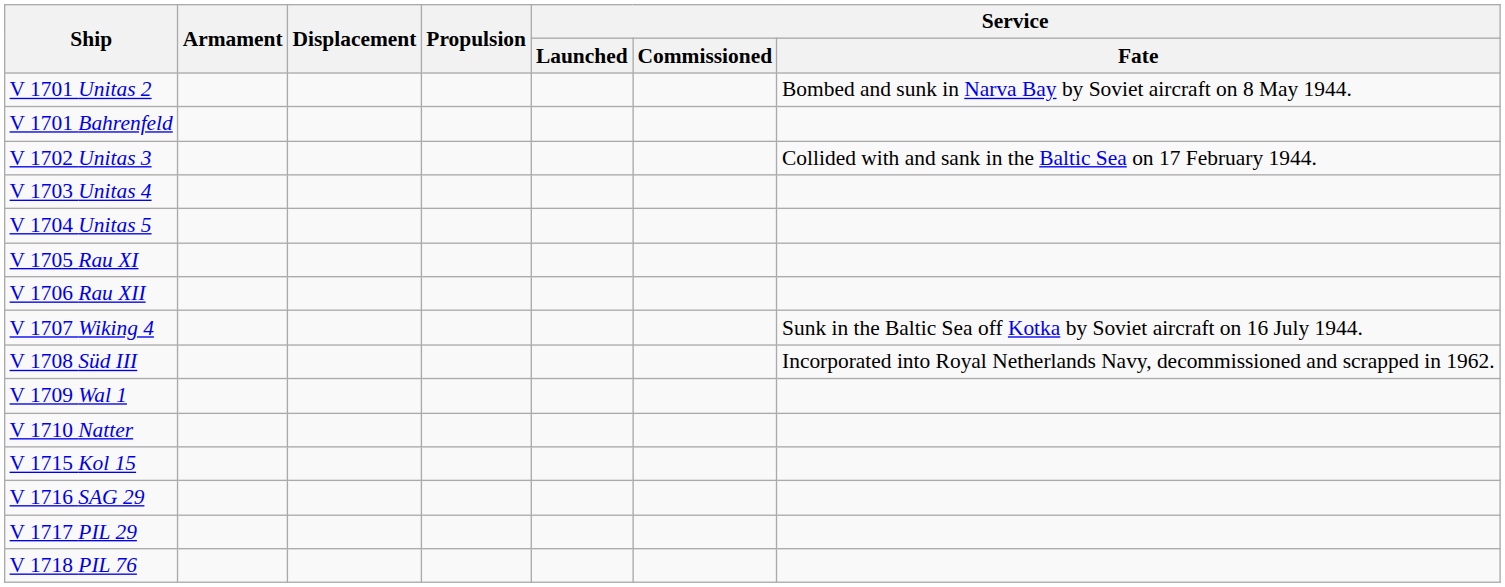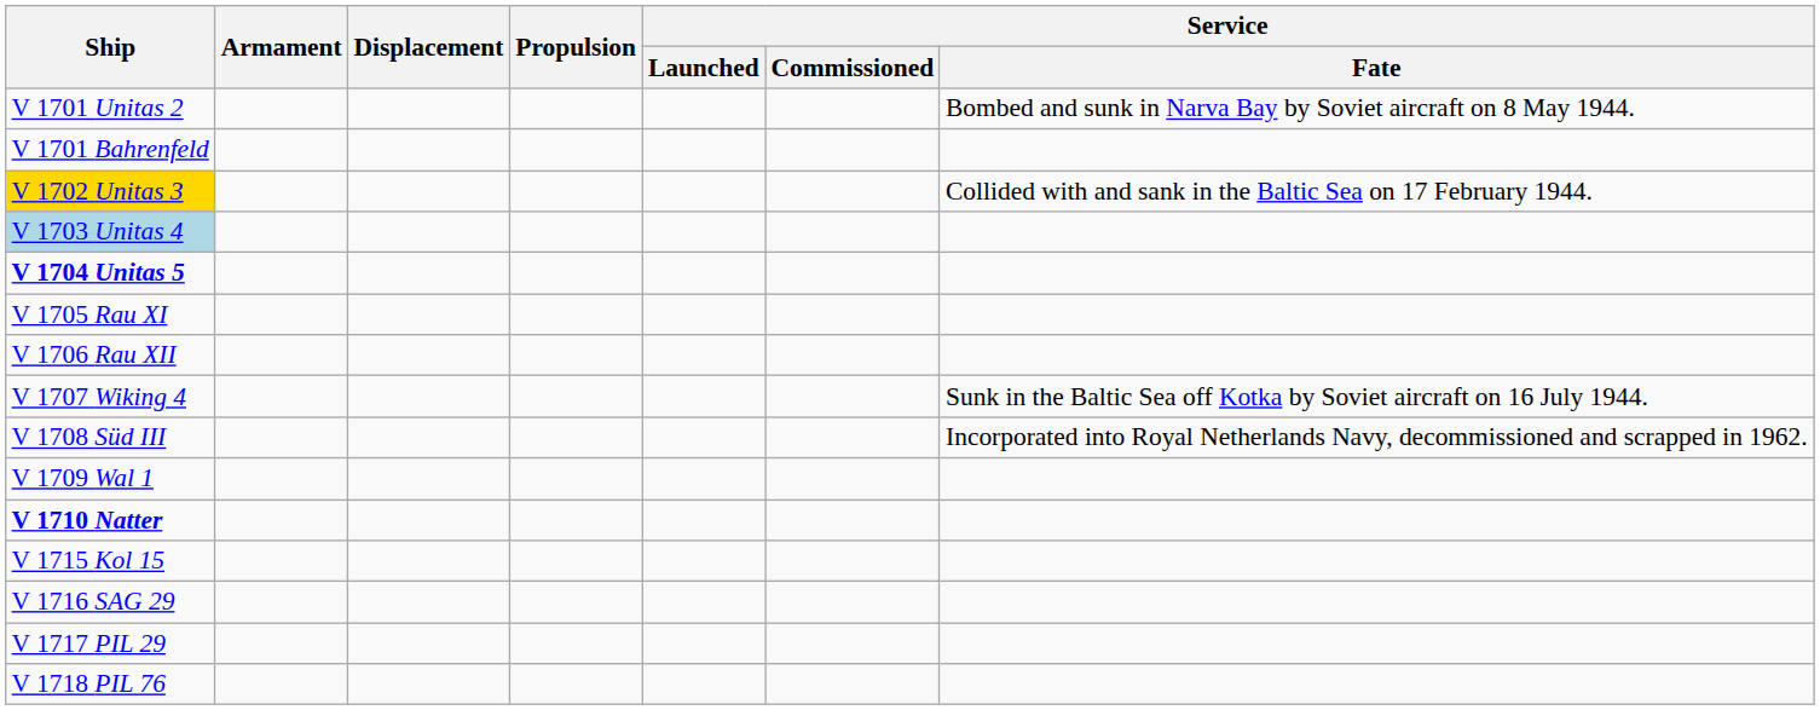 <table class="wikitable">
 <tr>
 <th rowspan="2">Ship</th>
 <th rowspan="2">Armament</th>
 <th rowspan="2">Displacement</th>
 <th rowspan="2">Propulsion</th>
 <th colspan="3">Service</th>
 </tr>
 <tr>
 <th>Launched</th>
 <th>Commissioned</th>
 <th>Fate</th>
 </tr>
 <tr>
 <td><a href='#'>V 1701 <em>Unitas 2</em></a></td>
 <td></td>
 <td></td>
 <td></td>
 <td></td>
 <td></td>
 <td>Bombed and sunk in <a href='#'>Narva Bay</a> by Soviet aircraft on 8 May 1944.</td>
 </tr>
 <tr>
 <td><a href='#'>V 1701 <em>Bahrenfeld</em></a></td>
 <td></td>
 <td></td>
 <td></td>
 <td></td>
 <td></td>
 <td></td>
 </tr>
 <tr>
-<td><a href='#'>V 1702 <em>Unitas 3</em></a></td>
+<td style="background: gold;"><a href='#'>V 1702 <em>Unitas 3</em></a></td>
 <td></td>
 <td></td>
 <td></td>
 <td></td>
 <td></td>
 <td>Collided with  and sank in the <a href='#'>Baltic Sea</a> on 17 February 1944.</td>
 </tr>
 <tr>
-<td><a href='#'>V 1703 <em>Unitas 4</em></a></td>
+<td style="background: lightblue;"><a href='#'>V 1703 <em>Unitas 4</em></a></td>
 <td></td>
 <td></td>
 <td></td>
 <td></td>
 <td></td>
 <td></td>
 </tr>
 <tr>
-<td><a href='#'>V 1704 <em>Unitas 5</em></a></td>
+<td><strong><a href='#'>V 1704 <em>Unitas 5</em></a></strong></td>
 <td></td>
 <td></td>
 <td></td>
 <td></td>
 <td></td>
 <td></td>
 </tr>
 <tr>
 <td><a href='#'>V 1705 <em>Rau XI</em></a></td>
 <td></td>
 <td></td>
 <td></td>
 <td></td>
 <td></td>
 <td></td>
 </tr>
 <tr>
 <td><a href='#'>V 1706 <em>Rau XII</em></a></td>
 <td></td>
 <td></td>
 <td></td>
 <td></td>
 <td></td>
 <td></td>
 </tr>
 <tr>
 <td><a href='#'>V 1707 <em>Wiking 4</em></a></td>
 <td></td>
 <td></td>
 <td></td>
 <td></td>
 <td></td>
 <td>Sunk in the Baltic Sea off <a href='#'>Kotka</a> by Soviet aircraft on 16 July 1944.</td>
 </tr>
 <tr>
 <td><a href='#'>V 1708 <em>Süd III</em></a></td>
 <td></td>
 <td></td>
 <td></td>
 <td></td>
 <td></td>
 <td>Incorporated into Royal Netherlands Navy, decommissioned and scrapped in 1962.</td>
 </tr>
 <tr>
 <td><a href='#'>V 1709 <em>Wal 1</em></a></td>
 <td></td>
 <td></td>
 <td></td>
 <td></td>
 <td></td>
 <td></td>
 </tr>
 <tr>
-<td><a href='#'>V 1710 <em>Natter</em></a></td>
+<td><strong><a href='#'>V 1710 <em>Natter</em></a></strong></td>
 <td></td>
 <td></td>
 <td></td>
 <td></td>
 <td></td>
 <td></td>
 </tr>
 <tr>
 <td><a href='#'>V 1715 <em>Kol 15</em></a></td>
 <td></td>
 <td></td>
 <td></td>
 <td></td>
 <td></td>
 <td></td>
 </tr>
 <tr>
 <td><a href='#'>V 1716 <em>SAG 29</em></a></td>
 <td></td>
 <td></td>
 <td></td>
 <td></td>
 <td></td>
 <td></td>
 </tr>
 <tr>
 <td><a href='#'>V 1717 <em>PIL 29</em></a></td>
 <td></td>
 <td></td>
 <td></td>
 <td></td>
 <td></td>
 <td></td>
 </tr>
 <tr>
 <td><a href='#'>V 1718 <em>PIL 76</em></a></td>
 <td></td>
 <td></td>
 <td></td>
 <td></td>
 <td></td>
 <td></td>
 </tr>
 </table>
